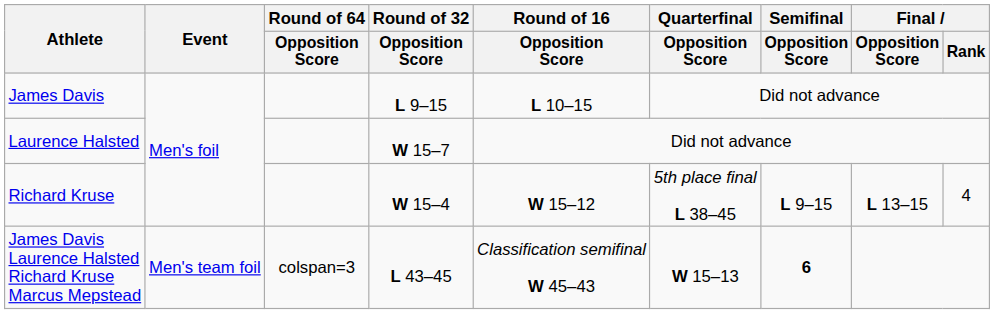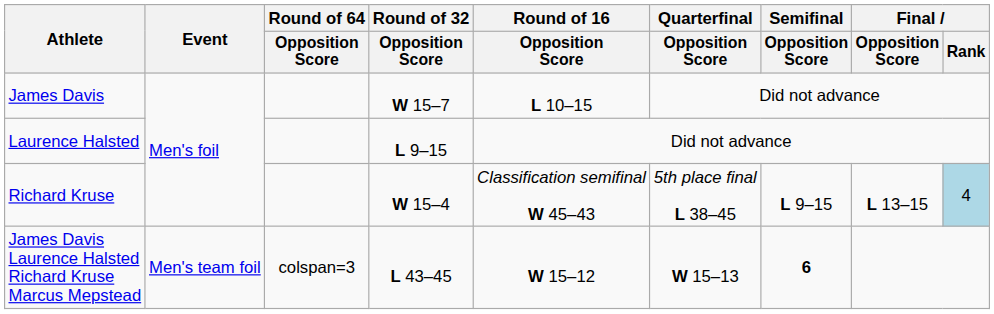 <table class="wikitable" style="font-size:90%">
 <tr>
 <th rowspan=2>Athlete</th>
 <th rowspan=2>Event</th>
 <th>Round of 64</th>
 <th>Round of 32</th>
 <th>Round of 16</th>
 <th>Quarterfinal</th>
 <th>Semifinal</th>
 <th colspan=2>Final / </th>
 </tr>
 <tr style="font-size:95%">
 <th>Opposition<br>Score</th>
 <th>Opposition<br>Score</th>
 <th>Opposition<br>Score</th>
 <th>Opposition<br>Score</th>
 <th>Opposition<br>Score</th>
 <th>Opposition<br>Score</th>
 <th>Rank</th>
 </tr>
 <tr align=center>
 <td align=left><a href='#'>James Davis</a></td>
 <td style="text-align:left;" rowspan="3"><a href='#'>Men's foil</a></td>
 <td></td>
-<td><br><strong>L</strong> 9–15</td>
+<td><br><strong>W</strong> 15–7</td>
 <td><br><strong>L</strong> 10–15</td>
 <td colspan=4>Did not advance</td>
 </tr>
 <tr align=center>
 <td align=left><a href='#'>Laurence Halsted</a></td>
 <td></td>
-<td><br><strong>W</strong> 15–7</td>
+<td><br><strong>L</strong> 9–15</td>
 <td colspan=5>Did not advance</td>
 </tr>
 <tr align=center>
 <td align=left><a href='#'>Richard Kruse</a></td>
 <td></td>
 <td><br><strong>W</strong> 15–4</td>
-<td><br><strong>W</strong> 15–12</td>
+<td><em>Classification semifinal</em><br><br><strong>W</strong> 45–43</td>
 <td><em>5th place final</em><br><br><strong>L</strong> 38–45</td>
 <td><br><strong>L</strong> 9–15</td>
 <td><br><strong>L</strong> 13–15</td>
-<td>4</td>
+<td style="background: lightblue;">4</td>
 </tr>
 <tr align=center>
 <td align=left><a href='#'>James Davis</a><br><a href='#'>Laurence Halsted</a><br><a href='#'>Richard Kruse</a><br><a href='#'>Marcus Mepstead</a></td>
 <td align=left><a href='#'>Men's team foil</a></td>
 <td>colspan=3 </td>
 <td><br><strong>L</strong> 43–45</td>
-<td><em>Classification semifinal</em><br><br><strong>W</strong> 45–43</td>
+<td><br><strong>W</strong> 15–12</td>
 <td><br><strong>W</strong> 15–13</td>
 <td><strong>6</strong></td>
 </tr>
 </table>
